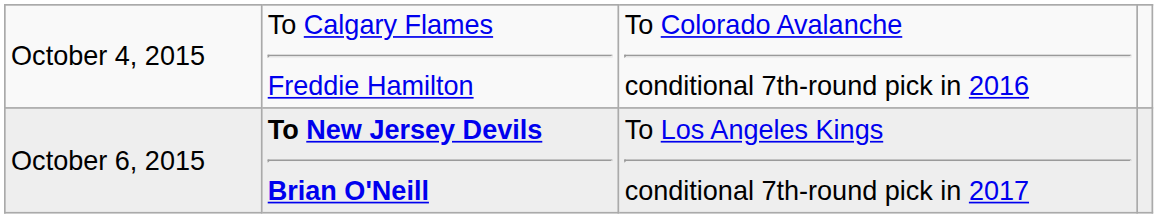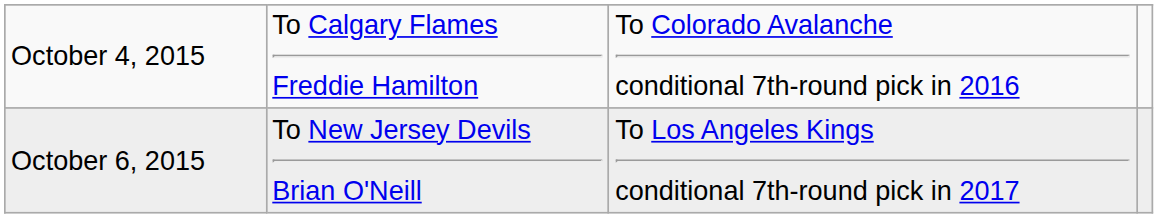 <table class="wikitable" style="border:1px solid #999999; width:680px;">
 <tr>
 <td>October 4, 2015</td>
 <td valign="top">To <a href='#'>Calgary Flames</a><hr> <a href='#'>Freddie Hamilton</a></td>
 <td valign="top">To <a href='#'>Colorado Avalanche</a><hr> conditional 7th-round pick in <a href='#'>2016</a></td>
 <td></td>
 </tr>
 <tr bgcolor="eeeeee">
 <td>October 6, 2015</td>
-<td valign="top"><strong>To <a href='#'>New Jersey Devils</a><hr> <a href='#'>Brian O'Neill</a></strong></td>
+<td valign="top">To <a href='#'>New Jersey Devils</a><hr> <a href='#'>Brian O'Neill</a></td>
 <td valign="top">To <a href='#'>Los Angeles Kings</a><hr> conditional 7th-round pick in <a href='#'>2017</a></td>
 <td></td>
 </tr>
 </table>
